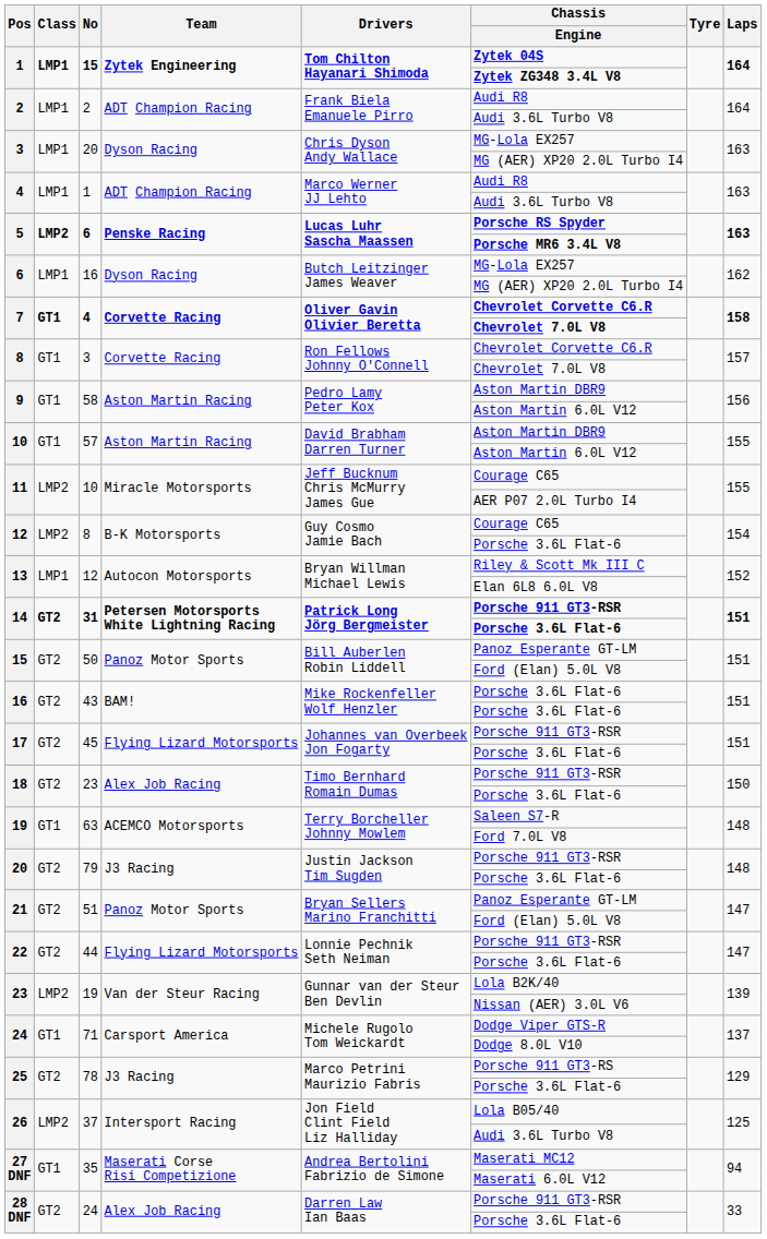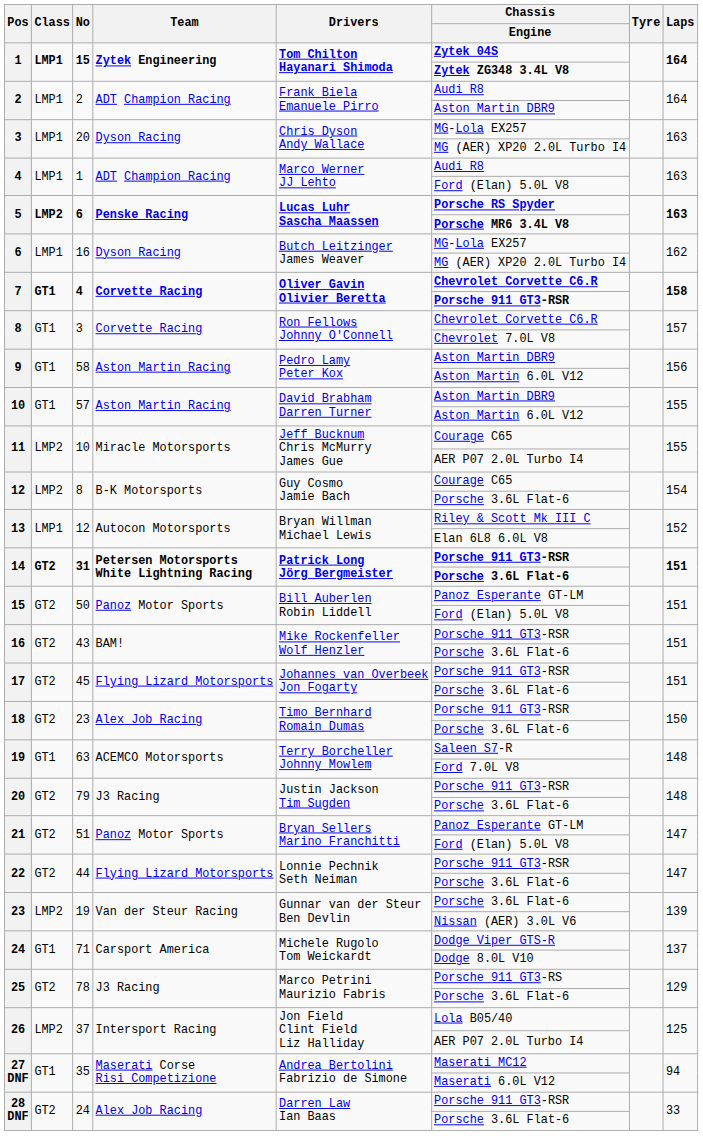 <table class="wikitable" style="font-size: 95%;">
 <tr>
 <th rowspan=2>Pos</th>
 <th rowspan=2>Class</th>
 <th rowspan=2>No</th>
 <th rowspan=2>Team</th>
 <th rowspan=2>Drivers</th>
 <th>Chassis</th>
 <th rowspan=2>Tyre</th>
 <th rowspan=2>Laps</th>
 </tr>
 <tr>
 <th>Engine</th>
 </tr>
 <tr style="font-weight:bold">
 <th rowspan=2>1</th>
 <td rowspan=2>LMP1</td>
 <td rowspan=2>15</td>
 <td rowspan=2> <a href='#'>Zytek</a> Engineering</td>
 <td rowspan=2> <a href='#'>Tom Chilton</a><br> <a href='#'>Hayanari Shimoda</a></td>
 <td><a href='#'>Zytek 04S</a></td>
 <td rowspan=2></td>
 <td rowspan=2>164</td>
 </tr>
 <tr style="font-weight:bold">
 <td><a href='#'>Zytek</a> ZG348 3.4L V8</td>
 </tr>
 <tr>
 <th rowspan=2>2</th>
 <td rowspan=2>LMP1</td>
 <td rowspan=2>2</td>
 <td rowspan=2> <a href='#'>ADT</a> <a href='#'>Champion Racing</a></td>
 <td rowspan=2> <a href='#'>Frank Biela</a><br> <a href='#'>Emanuele Pirro</a></td>
 <td><a href='#'>Audi R8</a></td>
 <td rowspan=2></td>
 <td rowspan=2>164</td>
 </tr>
 <tr>
-<td><a href='#'>Audi</a> 3.6L Turbo V8</td>
+<td><a href='#'>Aston Martin DBR9</a></td>
 </tr>
 <tr>
 <th rowspan=2>3</th>
 <td rowspan=2>LMP1</td>
 <td rowspan=2>20</td>
 <td rowspan=2> <a href='#'>Dyson Racing</a></td>
 <td rowspan=2> <a href='#'>Chris Dyson</a><br> <a href='#'>Andy Wallace</a></td>
 <td><a href='#'>MG</a>-<a href='#'>Lola</a> EX257</td>
 <td rowspan=2></td>
 <td rowspan=2>163</td>
 </tr>
 <tr>
 <td><a href='#'>MG</a> (AER) XP20 2.0L Turbo I4</td>
 </tr>
 <tr>
 <th rowspan=2>4</th>
 <td rowspan=2>LMP1</td>
 <td rowspan=2>1</td>
 <td rowspan=2> <a href='#'>ADT</a> <a href='#'>Champion Racing</a></td>
 <td rowspan=2> <a href='#'>Marco Werner</a><br> <a href='#'>JJ Lehto</a></td>
 <td><a href='#'>Audi R8</a></td>
 <td rowspan=2></td>
 <td rowspan=2>163</td>
 </tr>
 <tr>
-<td><a href='#'>Audi</a> 3.6L Turbo V8</td>
+<td><a href='#'>Ford</a> (Elan) 5.0L V8</td>
 </tr>
 <tr style="font-weight:bold">
 <th rowspan=2>5</th>
 <td rowspan=2>LMP2</td>
 <td rowspan=2>6</td>
 <td rowspan=2> <a href='#'>Penske Racing</a></td>
 <td rowspan=2> <a href='#'>Lucas Luhr</a><br> <a href='#'>Sascha Maassen</a></td>
 <td><a href='#'>Porsche RS Spyder</a></td>
 <td rowspan=2></td>
 <td rowspan=2>163</td>
 </tr>
 <tr style="font-weight:bold">
 <td><a href='#'>Porsche</a> MR6 3.4L V8</td>
 </tr>
 <tr>
 <th rowspan=2>6</th>
 <td rowspan=2>LMP1</td>
 <td rowspan=2>16</td>
 <td rowspan=2> <a href='#'>Dyson Racing</a></td>
 <td rowspan=2> <a href='#'>Butch Leitzinger</a><br> James Weaver</td>
 <td><a href='#'>MG</a>-<a href='#'>Lola</a> EX257</td>
 <td rowspan=2></td>
 <td rowspan=2>162</td>
 </tr>
 <tr>
 <td><a href='#'>MG</a> (AER) XP20 2.0L Turbo I4</td>
 </tr>
 <tr style="font-weight:bold">
 <th rowspan=2>7</th>
 <td rowspan=2>GT1</td>
 <td rowspan=2>4</td>
 <td rowspan=2> <a href='#'>Corvette Racing</a></td>
 <td rowspan=2> <a href='#'>Oliver Gavin</a><br> <a href='#'>Olivier Beretta</a></td>
 <td><a href='#'>Chevrolet Corvette C6.R</a></td>
 <td rowspan=2></td>
 <td rowspan=2>158</td>
 </tr>
 <tr style="font-weight:bold">
-<td><a href='#'>Chevrolet</a> 7.0L V8</td>
+<td><a href='#'>Porsche 911 GT3</a>-RSR</td>
 </tr>
 <tr>
 <th rowspan=2>8</th>
 <td rowspan=2>GT1</td>
 <td rowspan=2>3</td>
 <td rowspan=2> <a href='#'>Corvette Racing</a></td>
 <td rowspan=2> <a href='#'>Ron Fellows</a><br> <a href='#'>Johnny O'Connell</a></td>
 <td><a href='#'>Chevrolet Corvette C6.R</a></td>
 <td rowspan=2></td>
 <td rowspan=2>157</td>
 </tr>
 <tr>
 <td><a href='#'>Chevrolet</a> 7.0L V8</td>
 </tr>
 <tr>
 <th rowspan=2>9</th>
 <td rowspan=2>GT1</td>
 <td rowspan=2>58</td>
 <td rowspan=2> <a href='#'>Aston Martin Racing</a></td>
 <td rowspan=2> <a href='#'>Pedro Lamy</a><br> <a href='#'>Peter Kox</a></td>
 <td><a href='#'>Aston Martin DBR9</a></td>
 <td rowspan=2></td>
 <td rowspan=2>156</td>
 </tr>
 <tr>
 <td><a href='#'>Aston Martin</a> 6.0L V12</td>
 </tr>
 <tr>
 <th rowspan=2>10</th>
 <td rowspan=2>GT1</td>
 <td rowspan=2>57</td>
 <td rowspan=2> <a href='#'>Aston Martin Racing</a></td>
 <td rowspan=2> <a href='#'>David Brabham</a><br> <a href='#'>Darren Turner</a></td>
 <td><a href='#'>Aston Martin DBR9</a></td>
 <td rowspan=2></td>
 <td rowspan=2>155</td>
 </tr>
 <tr>
 <td><a href='#'>Aston Martin</a> 6.0L V12</td>
 </tr>
 <tr>
 <th rowspan=2>11</th>
 <td rowspan=2>LMP2</td>
 <td rowspan=2>10</td>
 <td rowspan=2> Miracle Motorsports</td>
 <td rowspan=2> <a href='#'>Jeff Bucknum</a><br> Chris McMurry<br> James Gue</td>
 <td><a href='#'>Courage</a> C65</td>
 <td rowspan=2></td>
 <td rowspan=2>155</td>
 </tr>
 <tr>
 <td>AER P07 2.0L Turbo I4</td>
 </tr>
 <tr>
 <th rowspan=2>12</th>
 <td rowspan=2>LMP2</td>
 <td rowspan=2>8</td>
 <td rowspan=2> B-K Motorsports</td>
 <td rowspan=2> Guy Cosmo<br> Jamie Bach</td>
 <td><a href='#'>Courage</a> C65</td>
 <td rowspan=2></td>
 <td rowspan=2>154</td>
 </tr>
 <tr>
 <td><a href='#'>Porsche</a> 3.6L Flat-6</td>
 </tr>
 <tr>
 <th rowspan=2>13</th>
 <td rowspan=2>LMP1</td>
 <td rowspan=2>12</td>
 <td rowspan=2> Autocon Motorsports</td>
 <td rowspan=2> Bryan Willman<br> Michael Lewis</td>
 <td><a href='#'>Riley & Scott Mk III C</a></td>
 <td rowspan=2></td>
 <td rowspan=2>152</td>
 </tr>
 <tr>
 <td>Elan 6L8 6.0L V8</td>
 </tr>
 <tr style="font-weight:bold">
 <th rowspan=2>14</th>
 <td rowspan=2>GT2</td>
 <td rowspan=2>31</td>
 <td rowspan=2> Petersen Motorsports<br> White Lightning Racing</td>
 <td rowspan=2> <a href='#'>Patrick Long</a><br> <a href='#'>Jörg Bergmeister</a></td>
 <td><a href='#'>Porsche 911 GT3</a>-RSR</td>
 <td rowspan=2></td>
 <td rowspan=2>151</td>
 </tr>
 <tr style="font-weight:bold">
 <td><a href='#'>Porsche</a> 3.6L Flat-6</td>
 </tr>
 <tr>
 <th rowspan=2>15</th>
 <td rowspan=2>GT2</td>
 <td rowspan=2>50</td>
 <td rowspan=2> <a href='#'>Panoz</a> Motor Sports</td>
 <td rowspan=2> <a href='#'>Bill Auberlen</a><br> Robin Liddell</td>
 <td><a href='#'>Panoz Esperante</a> GT-LM</td>
 <td rowspan=2></td>
 <td rowspan=2>151</td>
 </tr>
 <tr>
 <td><a href='#'>Ford</a> (Elan) 5.0L V8</td>
 </tr>
 <tr>
 <th rowspan=2>16</th>
 <td rowspan=2>GT2</td>
 <td rowspan=2>43</td>
 <td rowspan=2> BAM!</td>
 <td rowspan=2> <a href='#'>Mike Rockenfeller</a><br> <a href='#'>Wolf Henzler</a></td>
-<td><a href='#'>Porsche</a> 3.6L Flat-6</td>
+<td><a href='#'>Porsche 911 GT3</a>-RSR</td>
 <td rowspan=2></td>
 <td rowspan=2>151</td>
 </tr>
 <tr>
 <td><a href='#'>Porsche</a> 3.6L Flat-6</td>
 </tr>
 <tr>
 <th rowspan=2>17</th>
 <td rowspan=2>GT2</td>
 <td rowspan=2>45</td>
 <td rowspan=2> <a href='#'>Flying Lizard Motorsports</a></td>
 <td rowspan=2> <a href='#'>Johannes van Overbeek</a><br> <a href='#'>Jon Fogarty</a></td>
 <td><a href='#'>Porsche 911 GT3</a>-RSR</td>
 <td rowspan=2></td>
 <td rowspan=2>151</td>
 </tr>
 <tr>
 <td><a href='#'>Porsche</a> 3.6L Flat-6</td>
 </tr>
 <tr>
 <th rowspan=2>18</th>
 <td rowspan=2>GT2</td>
 <td rowspan=2>23</td>
 <td rowspan=2> <a href='#'>Alex Job Racing</a></td>
 <td rowspan=2> <a href='#'>Timo Bernhard</a><br> <a href='#'>Romain Dumas</a></td>
 <td><a href='#'>Porsche 911 GT3</a>-RSR</td>
 <td rowspan=2></td>
 <td rowspan=2>150</td>
 </tr>
 <tr>
 <td><a href='#'>Porsche</a> 3.6L Flat-6</td>
 </tr>
 <tr>
 <th rowspan=2>19</th>
 <td rowspan=2>GT1</td>
 <td rowspan=2>63</td>
 <td rowspan=2> ACEMCO Motorsports</td>
 <td rowspan=2> <a href='#'>Terry Borcheller</a><br> <a href='#'>Johnny Mowlem</a></td>
 <td><a href='#'>Saleen S7</a>-R</td>
 <td rowspan=2></td>
 <td rowspan=2>148</td>
 </tr>
 <tr>
 <td><a href='#'>Ford</a> 7.0L V8</td>
 </tr>
 <tr>
 <th rowspan=2>20</th>
 <td rowspan=2>GT2</td>
 <td rowspan=2>79</td>
 <td rowspan=2> J3 Racing</td>
 <td rowspan=2> Justin Jackson<br> <a href='#'>Tim Sugden</a></td>
 <td><a href='#'>Porsche 911 GT3</a>-RSR</td>
 <td rowspan=2></td>
 <td rowspan=2>148</td>
 </tr>
 <tr>
 <td><a href='#'>Porsche</a> 3.6L Flat-6</td>
 </tr>
 <tr>
 <th rowspan=2>21</th>
 <td rowspan=2>GT2</td>
 <td rowspan=2>51</td>
 <td rowspan=2> <a href='#'>Panoz</a> Motor Sports</td>
 <td rowspan=2> <a href='#'>Bryan Sellers</a><br> <a href='#'>Marino Franchitti</a></td>
 <td><a href='#'>Panoz Esperante</a> GT-LM</td>
 <td rowspan=2></td>
 <td rowspan=2>147</td>
 </tr>
 <tr>
 <td><a href='#'>Ford</a> (Elan) 5.0L V8</td>
 </tr>
 <tr>
 <th rowspan=2>22</th>
 <td rowspan=2>GT2</td>
 <td rowspan=2>44</td>
 <td rowspan=2> <a href='#'>Flying Lizard Motorsports</a></td>
 <td rowspan=2> Lonnie Pechnik<br> Seth Neiman</td>
 <td><a href='#'>Porsche 911 GT3</a>-RSR</td>
 <td rowspan=2></td>
 <td rowspan=2>147</td>
 </tr>
 <tr>
 <td><a href='#'>Porsche</a> 3.6L Flat-6</td>
 </tr>
 <tr>
 <th rowspan=2>23</th>
 <td rowspan=2>LMP2</td>
 <td rowspan=2>19</td>
 <td rowspan=2> Van der Steur Racing</td>
 <td rowspan=2> Gunnar van der Steur<br> Ben Devlin</td>
-<td><a href='#'>Lola</a> B2K/40</td>
+<td><a href='#'>Porsche</a> 3.6L Flat-6</td>
 <td rowspan=2></td>
 <td rowspan=2>139</td>
 </tr>
 <tr>
 <td><a href='#'>Nissan</a> (AER) 3.0L V6</td>
 </tr>
 <tr>
 <th rowspan=2>24</th>
 <td rowspan=2>GT1</td>
 <td rowspan=2>71</td>
 <td rowspan=2> Carsport America</td>
 <td rowspan=2> Michele Rugolo<br> Tom Weickardt</td>
 <td><a href='#'>Dodge Viper GTS-R</a></td>
 <td rowspan=2></td>
 <td rowspan=2>137</td>
 </tr>
 <tr>
 <td><a href='#'>Dodge</a> 8.0L V10</td>
 </tr>
 <tr>
 <th rowspan=2>25</th>
 <td rowspan=2>GT2</td>
 <td rowspan=2>78</td>
 <td rowspan=2> J3 Racing</td>
 <td rowspan=2> Marco Petrini<br> Maurizio Fabris</td>
 <td><a href='#'>Porsche 911 GT3</a>-RS</td>
 <td rowspan=2></td>
 <td rowspan=2>129</td>
 </tr>
 <tr>
 <td><a href='#'>Porsche</a> 3.6L Flat-6</td>
 </tr>
 <tr>
 <th rowspan=2>26</th>
 <td rowspan=2>LMP2</td>
 <td rowspan=2>37</td>
 <td rowspan=2> Intersport Racing</td>
 <td rowspan=2> Jon Field<br> Clint Field<br> Liz Halliday</td>
 <td><a href='#'>Lola</a> B05/40</td>
 <td rowspan=2></td>
 <td rowspan=2>125</td>
 </tr>
 <tr>
-<td><a href='#'>Audi</a> 3.6L Turbo V8</td>
+<td>AER P07 2.0L Turbo I4</td>
 </tr>
 <tr>
 <th rowspan=2>27<br>DNF</th>
 <td rowspan=2>GT1</td>
 <td rowspan=2>35</td>
 <td rowspan=2> <a href='#'>Maserati</a> Corse<br> <a href='#'>Risi Competizione</a></td>
 <td rowspan=2> <a href='#'>Andrea Bertolini</a><br> Fabrizio de Simone</td>
 <td><a href='#'>Maserati MC12</a></td>
 <td rowspan=2></td>
 <td rowspan=2>94</td>
 </tr>
 <tr>
 <td><a href='#'>Maserati</a> 6.0L V12</td>
 </tr>
 <tr>
 <th rowspan=2>28<br>DNF</th>
 <td rowspan=2>GT2</td>
 <td rowspan=2>24</td>
 <td rowspan=2> <a href='#'>Alex Job Racing</a></td>
 <td rowspan=2> <a href='#'>Darren Law</a><br> Ian Baas</td>
 <td><a href='#'>Porsche 911 GT3</a>-RSR</td>
 <td rowspan=2></td>
 <td rowspan=2>33</td>
 </tr>
 <tr>
 <td><a href='#'>Porsche</a> 3.6L Flat-6</td>
 </tr>
 </table>
